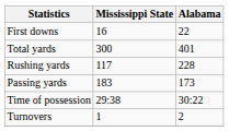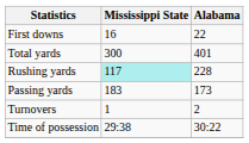 <table class="wikitable" style="float: left;">
 <tr>
 <th>Statistics</th>
 <th>Mississippi State</th>
 <th>Alabama</th>
 </tr>
 <tr>
 <td>First downs</td>
 <td>16</td>
 <td>22</td>
 </tr>
 <tr>
 <td>Total yards</td>
 <td>300</td>
 <td>401</td>
 </tr>
 <tr>
 <td>Rushing yards</td>
-<td>117</td>
+<td style="background: paleturquoise;">117</td>
 <td>228</td>
 </tr>
 <tr>
 <td>Passing yards</td>
 <td>183</td>
 <td>173</td>
 </tr>
 <tr>
+<td>Turnovers</td>
+<td>1</td>
+<td>2</td>
+</tr>
+<tr>
 <td>Time of possession</td>
 <td>29:38</td>
 <td>30:22</td>
 </tr>
 <tr>
-<td>Turnovers</td>
-<td>1</td>
-<td>2</td>
-</tr>
-<tr>
 </tr>
 </table>
